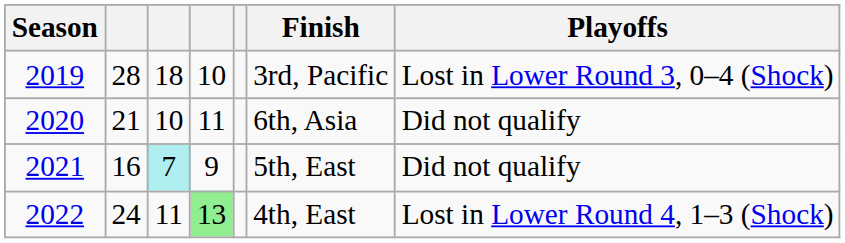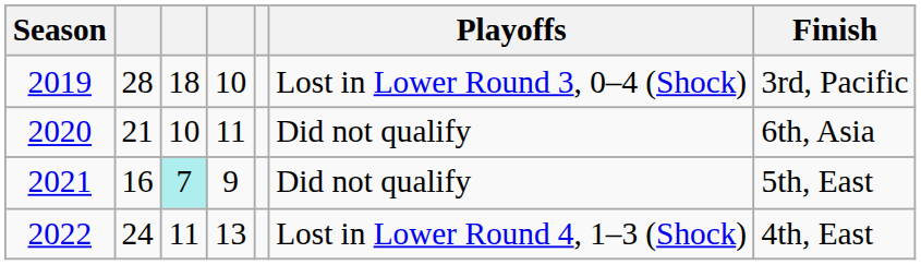 <table class="wikitable" style="text-align:center;">
 <tr>
 <th style="background:#">Season</th>
 <th style="background:#"></th>
 <th style="background:#"></th>
 <th style="background:#"></th>
 <th style="background:#"></th>
+<th style="background:#">Playoffs</th>
 <th style="background:#">Finish</th>
-<th style="background:#">Playoffs</th>
 </tr>
 <tr>
 <td><a href='#'>2019</a></td>
 <td>28</td>
 <td>18</td>
 <td>10</td>
 <td></td>
+<td style="text-align:left">Lost in <a href='#'>Lower Round 3</a>, 0–4 (<a href='#'>Shock</a>)</td>
 <td style="text-align:left">3rd, Pacific</td>
-<td style="text-align:left">Lost in <a href='#'>Lower Round 3</a>, 0–4 (<a href='#'>Shock</a>)</td>
 </tr>
 <tr>
 <td><a href='#'>2020</a></td>
 <td>21</td>
 <td>10</td>
 <td>11</td>
 <td></td>
+<td style="text-align:left">Did not qualify</td>
 <td style="text-align:left">6th, Asia</td>
-<td style="text-align:left">Did not qualify</td>
 </tr>
 <tr>
 <td><a href='#'>2021</a></td>
 <td>16</td>
 <td style="background: paleturquoise;">7</td>
 <td>9</td>
 <td></td>
+<td style="text-align:left">Did not qualify</td>
 <td style="text-align:left">5th, East</td>
-<td style="text-align:left">Did not qualify</td>
 </tr>
 <tr>
 <td><a href='#'>2022</a></td>
 <td>24</td>
 <td>11</td>
-<td style="background: lightgreen;">13</td>
+<td>13</td>
 <td></td>
+<td style="text-align:left">Lost in <a href='#'>Lower Round 4</a>, 1–3 (<a href='#'>Shock</a>)</td>
 <td style="text-align:left">4th, East</td>
-<td style="text-align:left">Lost in <a href='#'>Lower Round 4</a>, 1–3 (<a href='#'>Shock</a>)</td>
 </tr>
 </table>
